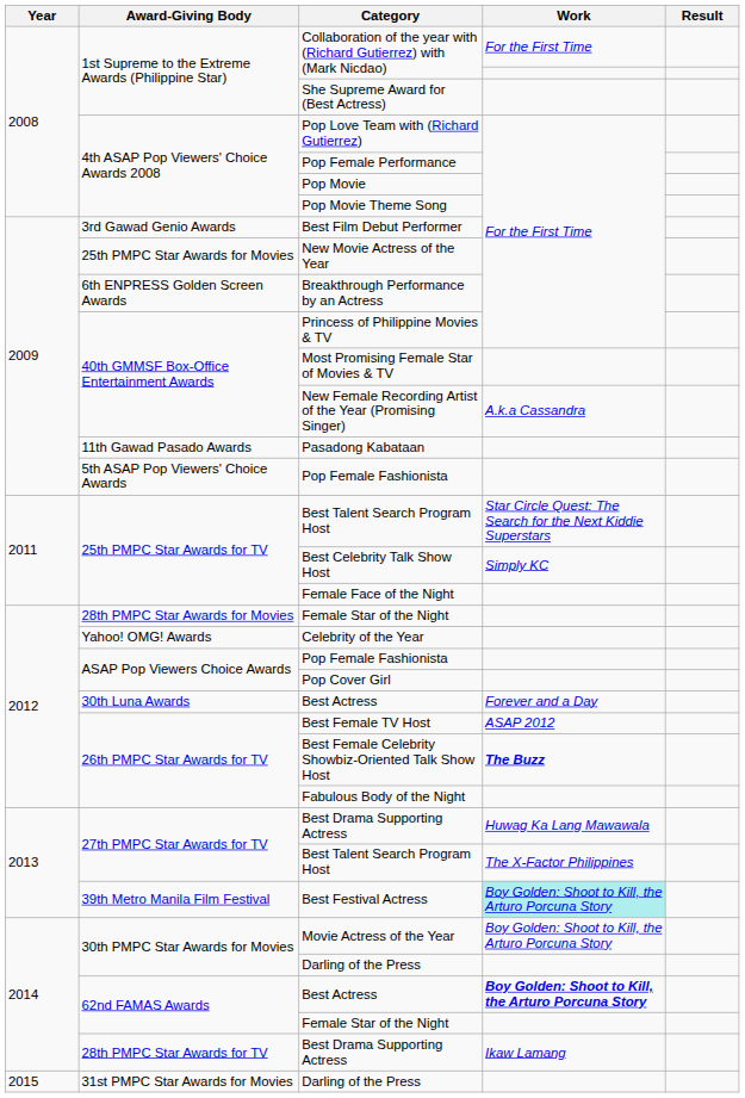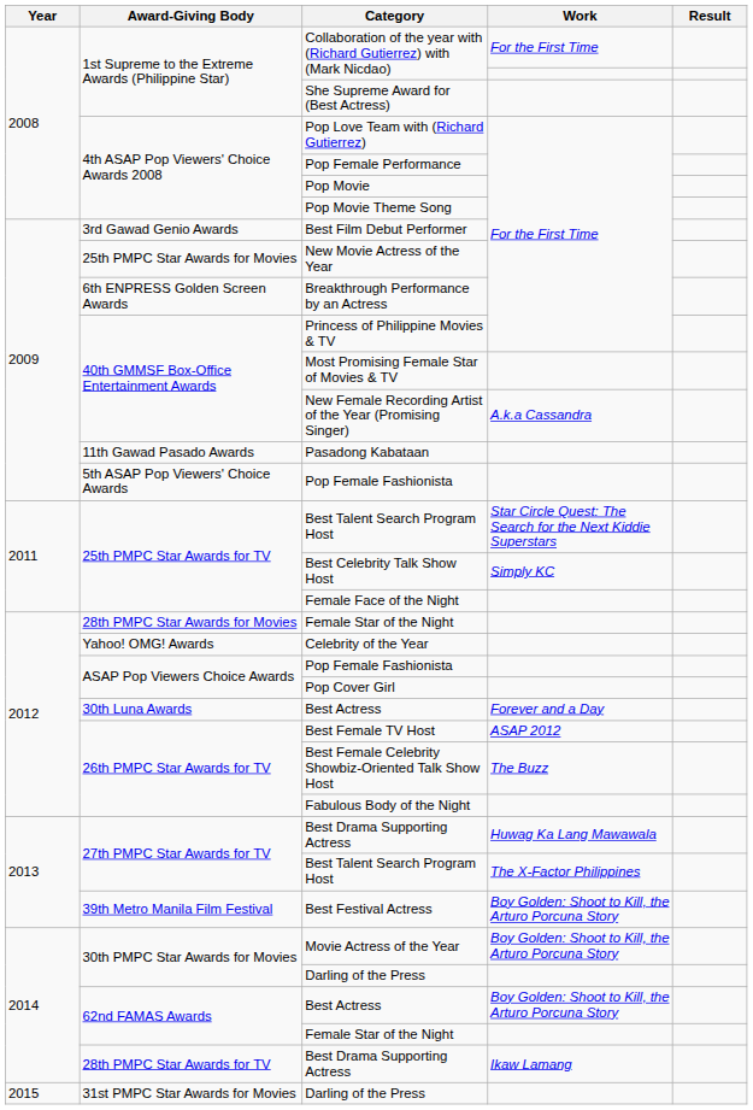 <table class="wikitable sortable">
 <tr>
 <th style="width:10%;">Year</th>
 <th style="width:30%;">Award-Giving Body</th>
 <th style="width:25%;">Category</th>
 <th style="width:25%;">Work</th>
 <th style="width:10%;">Result</th>
 </tr>
 <tr>
 <td rowspan=7>2008</td>
 <td rowspan=3>1st Supreme to the Extreme Awards (Philippine Star)</td>
 <td rowspan=2>Collaboration of the year with (<a href='#'>Richard Gutierrez</a>) with (Mark Nicdao)</td>
 <td align=><em><a href='#'>For the First Time</a></em></td>
 <td></td>
 </tr>
 <tr>
 <td></td>
 <td></td>
 </tr>
 <tr>
 <td>She Supreme Award for (Best Actress)</td>
 <td></td>
 <td></td>
 </tr>
 <tr>
 <td rowspan=4>4th ASAP Pop Viewers' Choice Awards 2008</td>
 <td>Pop Love Team with (<a href='#'>Richard Gutierrez</a>)</td>
 <td rowspan=8><em><a href='#'>For the First Time</a></em></td>
 <td></td>
 </tr>
 <tr>
 <td>Pop Female Performance</td>
 <td></td>
 </tr>
 <tr>
 <td>Pop Movie</td>
 <td></td>
 </tr>
 <tr>
 <td>Pop Movie Theme Song</td>
 <td></td>
 </tr>
 <tr>
 <td rowspan=8>2009</td>
 <td>3rd Gawad Genio Awards</td>
 <td>Best Film Debut Performer</td>
 <td></td>
 </tr>
 <tr>
 <td>25th PMPC Star Awards for Movies</td>
 <td>New Movie Actress of the Year</td>
 <td></td>
 </tr>
 <tr>
 <td>6th ENPRESS Golden Screen Awards</td>
 <td>Breakthrough Performance by an Actress</td>
 <td></td>
 </tr>
 <tr>
 <td rowspan="3"><a href='#'>40th GMMSF Box-Office Entertainment Awards</a></td>
 <td>Princess of Philippine Movies & TV</td>
 <td></td>
 </tr>
 <tr>
 <td>Most Promising Female Star of Movies & TV</td>
 <td align=center></td>
 <td></td>
 </tr>
 <tr>
 <td>New Female Recording Artist of the Year (Promising Singer)</td>
 <td><em><a href='#'>A.k.a Cassandra</a></em></td>
 <td></td>
 </tr>
 <tr>
 <td>11th Gawad Pasado Awards</td>
 <td>Pasadong Kabataan</td>
 <td></td>
 <td></td>
 </tr>
 <tr>
 <td>5th ASAP Pop Viewers' Choice Awards</td>
 <td>Pop Female Fashionista</td>
 <td></td>
 <td></td>
 </tr>
 <tr>
 <td rowspan=3>2011</td>
 <td rowspan=3><a href='#'>25th PMPC Star Awards for TV</a></td>
 <td>Best Talent Search Program Host</td>
 <td><em><a href='#'>Star Circle Quest: The Search for the  Next Kiddie Superstars</a></em></td>
 <td></td>
 </tr>
 <tr>
 <td>Best Celebrity Talk Show Host</td>
 <td><em><a href='#'>Simply KC</a></em></td>
 <td></td>
 </tr>
 <tr>
 <td>Female Face of the Night</td>
 <td></td>
 <td></td>
 </tr>
 <tr>
 <td rowspan=8>2012</td>
 <td><a href='#'>28th PMPC Star Awards for Movies</a></td>
 <td>Female Star of the Night</td>
 <td></td>
 <td></td>
 </tr>
 <tr>
 <td>Yahoo! OMG! Awards</td>
 <td>Celebrity of the Year</td>
 <td></td>
 <td></td>
 </tr>
 <tr>
 <td rowspan=2>ASAP Pop Viewers Choice Awards</td>
 <td>Pop Female Fashionista</td>
 <td></td>
 <td></td>
 </tr>
 <tr>
 <td>Pop Cover Girl</td>
 <td></td>
 <td></td>
 </tr>
 <tr>
 <td><a href='#'>30th Luna Awards</a></td>
 <td>Best Actress</td>
 <td><em><a href='#'>Forever and a Day</a></em></td>
 <td></td>
 </tr>
 <tr>
 <td rowspan=3><a href='#'>26th PMPC Star Awards for TV</a></td>
 <td>Best Female TV Host</td>
 <td><em><a href='#'>ASAP 2012</a></em></td>
 <td></td>
 </tr>
 <tr>
 <td>Best Female Celebrity Showbiz-Oriented Talk Show Host</td>
-<td><strong><em><a href='#'>The Buzz</a></em></strong></td>
+<td><em><a href='#'>The Buzz</a></em></td>
 <td></td>
 </tr>
 <tr>
 <td>Fabulous Body of the Night</td>
 <td></td>
 <td></td>
 </tr>
 <tr>
 <td rowspan=3>2013</td>
 <td rowspan=2><a href='#'>27th PMPC Star Awards for TV</a></td>
 <td>Best Drama Supporting Actress</td>
 <td><em><a href='#'>Huwag Ka Lang Mawawala</a></em></td>
 <td></td>
 </tr>
 <tr>
 <td>Best Talent Search Program Host</td>
 <td><em><a href='#'>The X-Factor Philippines</a></em></td>
 <td></td>
 </tr>
 <tr>
 <td><a href='#'>39th Metro Manila Film Festival</a></td>
 <td>Best Festival Actress</td>
-<td style="background: paleturquoise;"><em><a href='#'>Boy Golden: Shoot to Kill, the Arturo Porcuna Story</a></em></td>
+<td><em><a href='#'>Boy Golden: Shoot to Kill, the Arturo Porcuna Story</a></em></td>
 <td></td>
 </tr>
 <tr>
 <td rowspan="5">2014</td>
 <td rowspan=2>30th PMPC Star Awards for Movies</td>
 <td>Movie Actress of the Year</td>
 <td><em><a href='#'>Boy Golden: Shoot to Kill, the Arturo Porcuna Story</a></em></td>
 <td></td>
 </tr>
 <tr>
 <td>Darling of the Press</td>
 <td></td>
 <td></td>
 </tr>
 <tr>
 <td rowspan="2"><a href='#'>62nd FAMAS Awards</a></td>
 <td>Best Actress</td>
-<td><strong><em><a href='#'>Boy Golden: Shoot to Kill, the Arturo Porcuna Story</a></em></strong></td>
+<td><em><a href='#'>Boy Golden: Shoot to Kill, the Arturo Porcuna Story</a></em></td>
 <td></td>
 </tr>
 <tr>
 <td>Female Star of the Night</td>
 <td></td>
 <td></td>
 </tr>
 <tr>
 <td><a href='#'>28th PMPC Star Awards for TV</a></td>
 <td>Best Drama Supporting Actress</td>
 <td><em><a href='#'>Ikaw Lamang</a></em></td>
 <td></td>
 </tr>
 <tr>
 <td>2015</td>
 <td>31st PMPC Star Awards for Movies</td>
 <td>Darling of the Press</td>
 <td></td>
 <td></td>
 </tr>
 </table>
